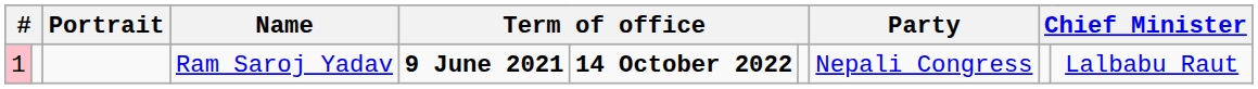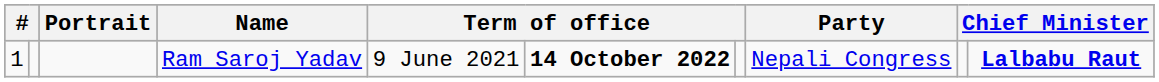 <table class="wikitable" style="text-align:center;">
 <tr>
 <th colspan="2">#</th>
 <th>Portrait</th>
 <th>Name<br></th>
 <th colspan="3">Term of office</th>
 <th>Party</th>
 <th colspan="2"><a href='#'>Chief Minister</a></th>
 </tr>
 <tr>
-<td style="background: pink;">1</td>
+<td>1</td>
 <td></td>
 <td></td>
 <td><a href='#'>Ram Saroj Yadav</a><br></td>
-<td><strong>9 June 2021</strong></td>
+<td>9 June 2021</td>
 <td><strong>14 October 2022</strong></td>
 <td></td>
 <td><a href='#'>Nepali Congress</a></td>
 <td></td>
-<td><a href='#'>Lalbabu Raut</a></td>
+<td><strong><a href='#'>Lalbabu Raut</a></strong></td>
 </tr>
 </table>
